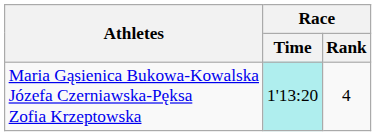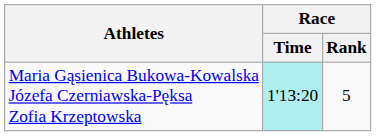 <table class="wikitable" border="1" style="font-size:90%">
 <tr>
 <th rowspan=2>Athletes</th>
 <th colspan=2>Race</th>
 </tr>
 <tr>
 <th>Time</th>
 <th>Rank</th>
 </tr>
 <tr>
 <td><a href='#'>Maria Gąsienica Bukowa-Kowalska</a><br><a href='#'>Józefa Czerniawska-Pęksa</a><br><a href='#'>Zofia Krzeptowska</a></td>
 <td align=center style="background: paleturquoise;">1'13:20</td>
-<td align=center>4</td>
+<td align=center>5</td>
 </tr>
 </table>
